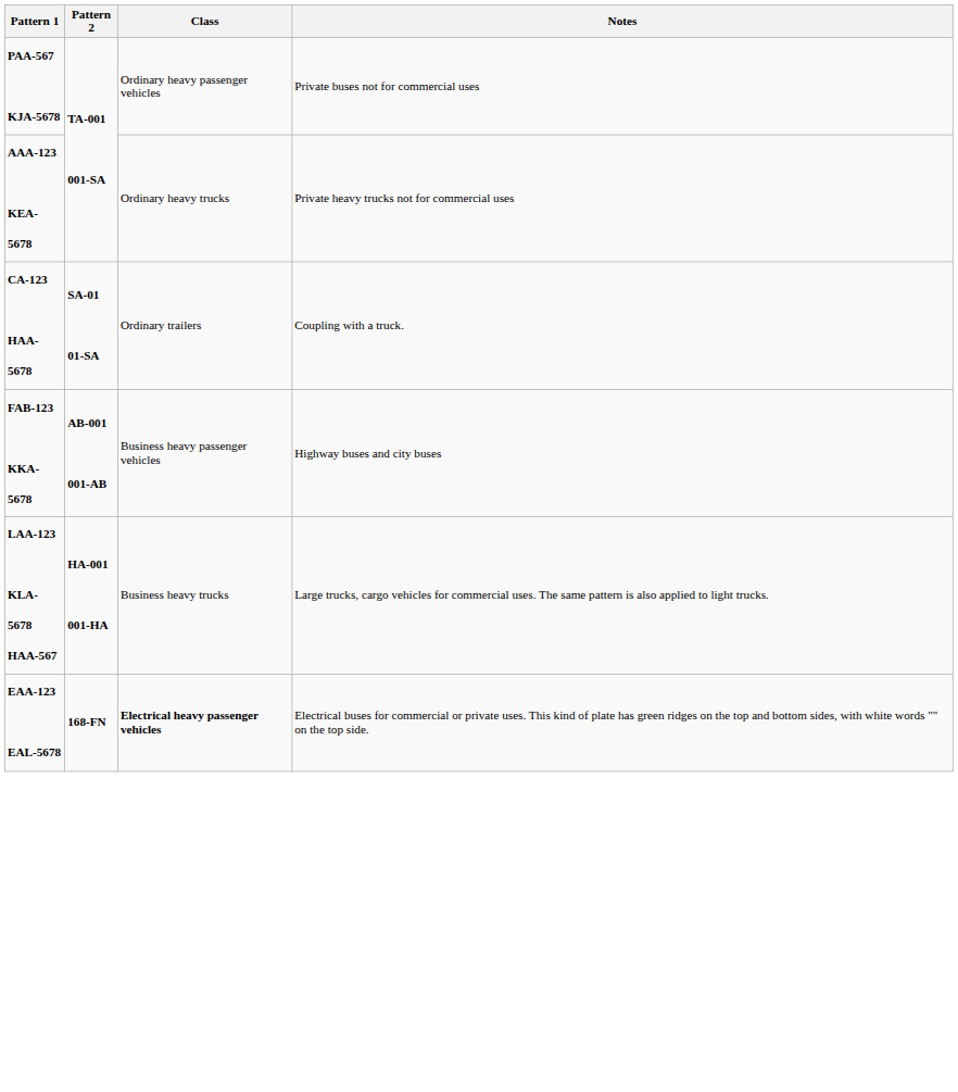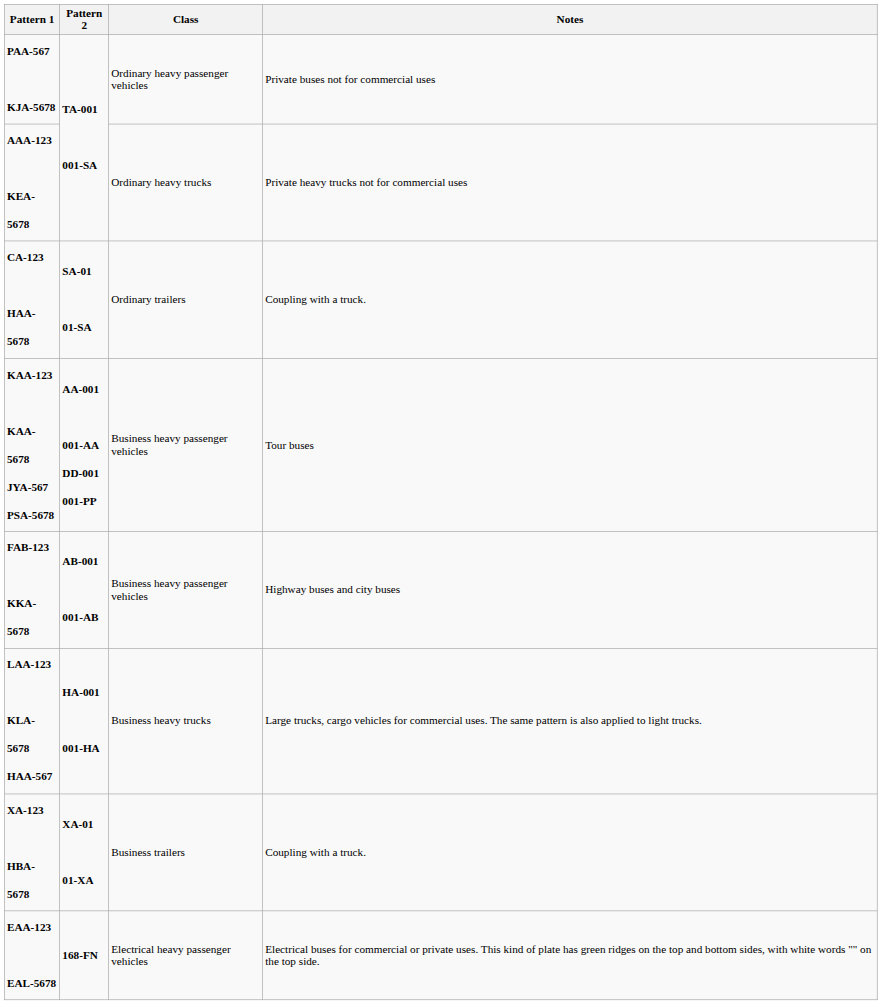 <table class=wikitable>
 <tr>
 <th>Pattern 1</th>
 <th>Pattern 2</th>
 <th>Class</th>
 <th>Notes</th>
 </tr>
 <tr>
 <td style="line-height:2.5;"><span><strong>PAA-567</strong></span><br><br><span><strong>KJA-5678</strong></span></td>
 <td rowspan=2 style="line-height:2.5;"><span><strong>TA-001</strong></span><br><br><span><strong>001-SA</strong></span></td>
 <td>Ordinary heavy passenger vehicles</td>
 <td>Private buses not for commercial uses</td>
 </tr>
 <tr>
 <td style="line-height:2.5;"><span><strong>AAA-123</strong></span><br><br><span><strong>KEA-5678</strong></span></td>
 <td>Ordinary heavy trucks</td>
 <td>Private heavy trucks not for commercial uses</td>
 </tr>
 <tr>
 <td style="line-height:2.5;"><span><strong>CA-123</strong></span><br><br><span><strong>HAA-5678</strong></span></td>
 <td style="line-height:2.5;"><span><strong>SA-01</strong></span><br><br><span><strong>01-SA</strong></span></td>
 <td>Ordinary trailers</td>
 <td>Coupling with a truck.</td>
 </tr>
 <tr>
+<td style="line-height:2.5;"><span><strong>KAA-123</strong></span><br><br><span><strong>KAA-5678</strong></span><br> <span><strong>JYA-567</strong></span><br> <span><strong>PSA-5678</strong></span></td>
+<td style="line-height:2.5;"><span><strong>AA-001</strong></span><br><br><span><strong>001-AA</strong></span><br> <span><strong>DD-001</strong></span><br> <span><strong>001-PP</strong></span></td>
+<td>Business heavy passenger vehicles</td>
+<td>Tour buses</td>
+</tr>
+<tr>
 <td style="line-height:2.5;"><span><strong>FAB-123</strong></span><br><br><span><strong>KKA-5678</strong></span></td>
 <td style="line-height:2.5;"><span><strong>AB-001</strong></span><br><br><span><strong>001-AB</strong></span></td>
 <td>Business heavy passenger vehicles</td>
 <td>Highway buses and city buses</td>
 </tr>
 <tr>
 <td style="line-height:2.5;"><span><strong>LAA-123</strong></span><br><br><span><strong>KLA-5678</strong></span><br> <span><strong>HAA-567</strong></span></td>
 <td style="line-height:2.5;"><span><strong>HA-001</strong></span><br><br><span><strong>001-HA</strong></span></td>
 <td>Business heavy trucks</td>
 <td>Large trucks, cargo vehicles for commercial uses. The same pattern is also applied to light trucks.</td>
 </tr>
 <tr>
+<td style="line-height:2.5;"><span><strong>XA-123</strong></span><br><br><span><strong>HBA-5678</strong></span></td>
+<td style="line-height:2.5;"><span><strong>XA-01</strong></span><br><br><span><strong>01-XA</strong></span></td>
+<td>Business trailers</td>
+<td>Coupling with a truck.</td>
+</tr>
+<tr>
 <td style="line-height:2.5;"><span><strong>EAA-123</strong></span><br><br><span><strong>EAL-5678</strong></span></td>
 <td style="line-height:2.5;"><span><strong>168-FN</strong></span></td>
-<td><strong>Electrical heavy passenger vehicles</strong></td>
+<td>Electrical heavy passenger vehicles</td>
 <td>Electrical buses for commercial or private uses. This kind of plate has green ridges on the top and bottom sides, with white words "" on the top side.</td>
 </tr>
 </table>
